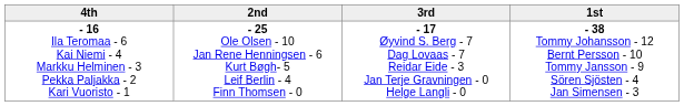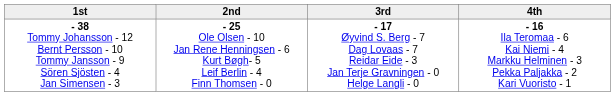 <table border=1 cellpadding=2 cellspacing=0 width=75% style="border-collapse:collapse">
 <tr align=center style="background:#efefef;">
-<th width=20%>4th</th>
+<th width=20% >1st</th>
 <th width=20% >2nd</th>
 <th width=20% >3rd</th>
-<th width=20% >1st</th>
+<th width=20%>4th</th>
 </tr>
 <tr align=center>
-<td valign=top><strong> - 16</strong><br><a href='#'>Ila Teromaa</a> - 6<br><a href='#'>Kai Niemi</a> - 4<br><a href='#'>Markku Helminen</a> - 3<br><a href='#'>Pekka Paljakka</a>  - 2<br><a href='#'>Kari Vuoristo</a> - 1</td>
+<td valign=top ><strong> - 38</strong><br><a href='#'>Tommy Johansson</a> - 12<br><a href='#'>Bernt Persson</a> - 10<br><a href='#'>Tommy Jansson</a> - 9<br><a href='#'>Sören Sjösten</a> - 4<br><a href='#'>Jan Simensen</a> - 3</td>
 <td valign=top ><strong> - 25</strong><br><a href='#'>Ole Olsen</a> - 10<br><a href='#'>Jan Rene Henningsen</a> - 6<br><a href='#'>Kurt Bøgh</a>- 5<br><a href='#'>Leif Berlin</a> - 4<br><a href='#'>Finn Thomsen</a> - 0</td>
 <td valign=top ><strong> - 17</strong><br><a href='#'>Øyvind S. Berg</a> - 7<br><a href='#'>Dag Lovaas</a> - 7<br><a href='#'>Reidar Eide</a> - 3<br><a href='#'>Jan Terje Gravningen</a> - 0<br><a href='#'>Helge Langli</a> - 0</td>
-<td valign=top ><strong> - 38</strong><br><a href='#'>Tommy Johansson</a> - 12<br><a href='#'>Bernt Persson</a> - 10<br><a href='#'>Tommy Jansson</a> - 9<br><a href='#'>Sören Sjösten</a> - 4<br><a href='#'>Jan Simensen</a> - 3</td>
+<td valign=top><strong> - 16</strong><br><a href='#'>Ila Teromaa</a> - 6<br><a href='#'>Kai Niemi</a> - 4<br><a href='#'>Markku Helminen</a> - 3<br><a href='#'>Pekka Paljakka</a>  - 2<br><a href='#'>Kari Vuoristo</a> - 1</td>
 </tr>
 </table>
